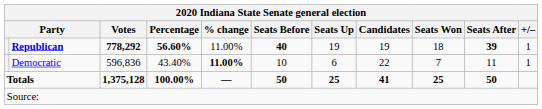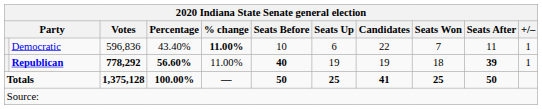 <table class="wikitable">
 <tr>
 <th colspan="11">2020 Indiana State Senate general election</th>
 </tr>
 <tr style="text-align:center">
 <th colspan=2>Party</th>
 <th colspan=1>Votes</th>
 <th colspan=1>Percentage</th>
 <th colspan=1>% change</th>
 <th colspan=1>Seats Before</th>
 <th colspan=1>Seats Up</th>
 <th colspan=1>Candidates</th>
 <th colspan=1>Seats Won</th>
 <th colspan=1>Seats After</th>
 <th colspan=1>+/–</th>
 </tr>
 <tr>
 <th style="background-color:"></th>
+<td><a href='#'>Democratic</a></td>
+<td align="center">596,836</td>
+<td align="center">43.40%</td>
+<td align="center"><strong>11.00%</strong></td>
+<td align="center">10</td>
+<td align="center">6</td>
+<td align="center">22</td>
+<td align="center">7</td>
+<td align="center">11</td>
+<td align="center"> 1</td>
+</tr>
+<tr>
+<th style="background-color:"></th>
 <td style="width: 130px" ><strong><a href='#'>Republican</a></strong></td>
 <td align="center" ><strong>778,292</strong></td>
 <td align="center" ><strong>56.60%</strong></td>
 <td align="center" >11.00%</td>
 <td align="center" ><strong>40</strong></td>
 <td align="center" >19</td>
 <td align="center" >19</td>
 <td align="center" >18</td>
 <td align="center" ><strong>39</strong></td>
 <td align="center" > 1</td>
-</tr>
-<tr>
-<th style="background-color:"></th>
-<td><a href='#'>Democratic</a></td>
-<td align="center">596,836</td>
-<td align="center">43.40%</td>
-<td align="center"><strong>11.00%</strong></td>
-<td align="center">10</td>
-<td align="center">6</td>
-<td align="center">22</td>
-<td align="center">7</td>
-<td align="center">11</td>
-<td align="center"> 1</td>
 </tr>
 <tr>
 <td colspan=2><strong>Totals</strong></td>
 <td align="center"><strong>1,375,128</strong></td>
 <td align="center"><strong>100.00%</strong></td>
 <td align="center"><strong>—</strong></td>
 <td align="center"><strong>50</strong></td>
 <td align="center"><strong>25</strong></td>
 <td align="center"><strong>41</strong></td>
 <td align="center"><strong>25</strong></td>
 <td align="center"><strong>50</strong></td>
 <td align="center"></td>
 </tr>
 <tr>
 <td colspan=11>Source: </td>
 </tr>
 </table>
